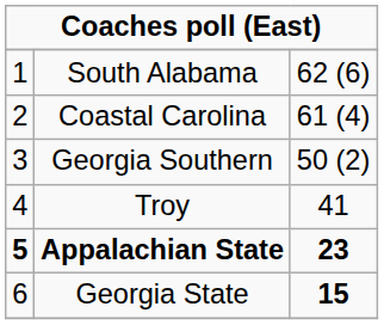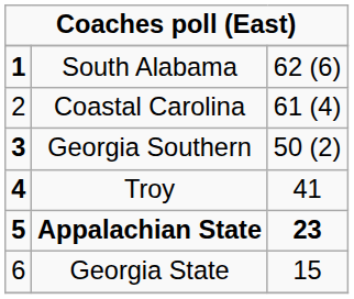 <table class="wikitable">
 <tr align="center">
 <td align="center" Colspan="3"><strong>Coaches poll (East)</strong></td>
 </tr>
 <tr align="center">
 </tr>
 <tr align="center">
-<td>1</td>
+<td><strong>1</strong></td>
 <td>South Alabama</td>
 <td>62 (6)</td>
 </tr>
 <tr align="center">
 <td>2</td>
 <td>Coastal Carolina</td>
 <td>61 (4)</td>
 </tr>
 <tr align="center">
-<td>3</td>
+<td><strong>3</strong></td>
 <td>Georgia Southern</td>
 <td>50 (2)</td>
 </tr>
 <tr align="center">
-<td>4</td>
+<td><strong>4</strong></td>
 <td>Troy</td>
 <td>41</td>
 </tr>
 <tr align="center">
 <td><strong>5</strong></td>
 <td><strong>Appalachian State</strong></td>
 <td><strong>23</strong></td>
 </tr>
 <tr align="center">
 <td>6</td>
 <td>Georgia State</td>
-<td><strong>15</strong></td>
+<td>15</td>
 </tr>
 <tr align="center">
 </tr>
 </table>
